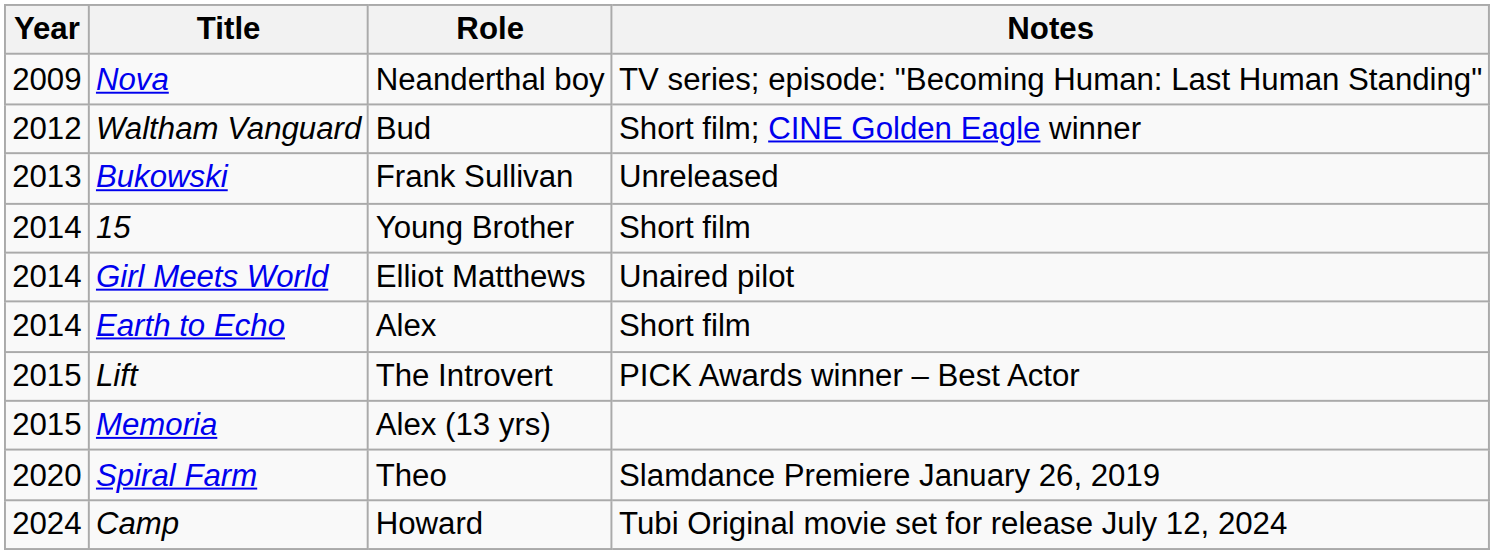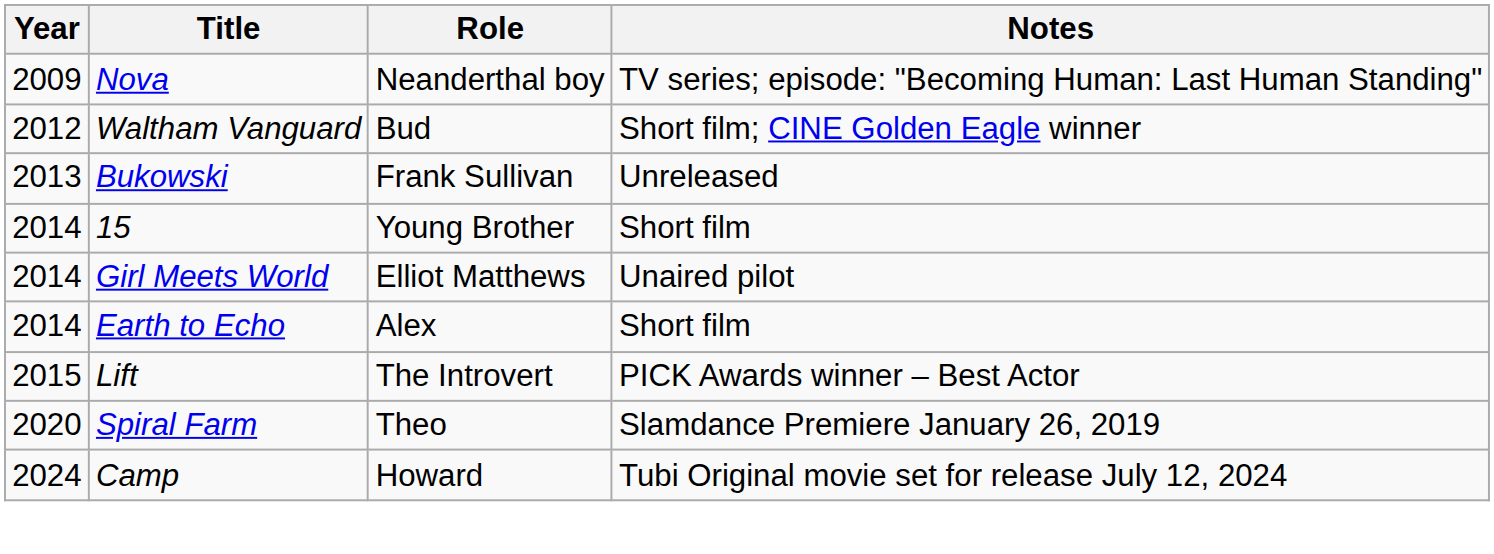 <table class="wikitable sortable">
 <tr>
 <th>Year</th>
 <th>Title</th>
 <th>Role</th>
 <th class="unsortable">Notes</th>
 </tr>
 <tr>
 <td>2009</td>
 <td><em><a href='#'>Nova</a></em></td>
 <td>Neanderthal boy</td>
 <td>TV series; episode: "Becoming Human: Last Human Standing"</td>
 </tr>
 <tr>
 <td>2012</td>
 <td><em>Waltham Vanguard</em></td>
 <td>Bud</td>
 <td>Short film; <a href='#'>CINE Golden Eagle</a> winner</td>
 </tr>
 <tr>
 <td>2013</td>
 <td><em><a href='#'>Bukowski</a></em></td>
 <td>Frank Sullivan</td>
 <td>Unreleased</td>
 </tr>
 <tr>
 <td>2014</td>
 <td><em>15</em></td>
 <td>Young Brother</td>
 <td>Short film</td>
 </tr>
 <tr>
 <td>2014</td>
 <td><em><a href='#'>Girl Meets World</a></em></td>
 <td>Elliot Matthews</td>
 <td>Unaired pilot</td>
 </tr>
 <tr>
 <td>2014</td>
 <td><em><a href='#'>Earth to Echo</a></em></td>
 <td>Alex</td>
 <td>Short film</td>
 </tr>
 <tr>
 <td>2015</td>
 <td><em>Lift</em></td>
 <td>The Introvert</td>
 <td>PICK Awards winner – Best Actor</td>
 </tr>
 <tr>
-<td>2015</td>
-<td><em><a href='#'>Memoria</a></em></td>
-<td>Alex (13 yrs)</td>
-<td></td>
-</tr>
-<tr>
 <td>2020</td>
 <td><em><a href='#'>Spiral Farm</a></em></td>
 <td>Theo</td>
 <td>Slamdance Premiere January 26, 2019</td>
 </tr>
 <tr>
 <td>2024</td>
 <td><em>Camp</em></td>
 <td>Howard</td>
 <td>Tubi Original movie set for release July 12, 2024</td>
 </tr>
 </table>
